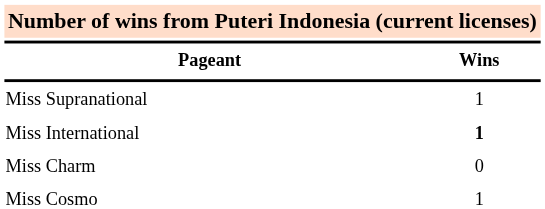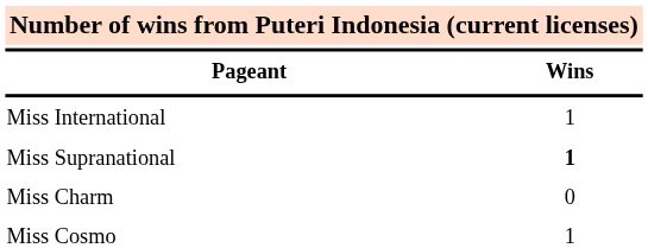 <table class="toccolours" style="width: 30em; float:right; margin-left:1em; font-size:80%; line-height:1.5em; width:30%;">
 <tr>
 <th colspan="2" align="center" style="background:#FFDDCA;"><big>Number of wins from Puteri Indonesia (current licenses)</big></th>
 </tr>
 <tr>
 <td colspan="2" style="background:black"></td>
 </tr>
 <tr>
 <th scope="col">Pageant</th>
 <th scope="col">Wins</th>
 </tr>
 <tr>
 <td colspan="2" style="background:black"></td>
 </tr>
 <tr>
-<td align="left">Miss Supranational</td>
+<td align="left">Miss International</td>
 <td align="center">1</td>
 </tr>
 <tr>
-<td align="left">Miss International</td>
+<td align="left">Miss Supranational</td>
 <td align="center"><strong>1</strong></td>
 </tr>
 <tr>
 <td align="left">Miss Charm</td>
 <td align="center">0</td>
 </tr>
 <tr>
 <td align="left">Miss Cosmo</td>
 <td align="center">1</td>
 </tr>
 </table>
